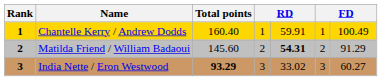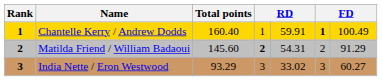 <table class="wikitable sortable">
 <tr>
 <th>Rank</th>
 <th>Name</th>
 <th>Total points</th>
 <th colspan="2" width="80px"><a href='#'>RD</a></th>
 <th colspan="2" width="80px"><a href='#'>FD</a></th>
 </tr>
 <tr bgcolor="gold">
 <td align="center"><strong>1</strong></td>
 <td><a href='#'>Chantelle Kerry</a> / <a href='#'>Andrew Dodds</a></td>
 <td align="center">160.40</td>
 <td align="center">1</td>
 <td align="center">59.91</td>
-<td align="center">1</td>
+<td align="center"><strong>1</strong></td>
 <td align="center">100.49</td>
 </tr>
 <tr bgcolor="silver">
 <td align="center"><strong>2</strong></td>
 <td><a href='#'>Matilda Friend</a> / <a href='#'>William Badaoui</a></td>
 <td align="center">145.60</td>
-<td align="center">2</td>
-<td align="center"><strong>54.31</strong></td>
+<td align="center"><strong>2</strong></td>
+<td align="center">54.31</td>
 <td align="center">2</td>
 <td align="center">91.29</td>
 </tr>
 <tr bgcolor="cc9966">
 <td align="center"><strong>3</strong></td>
 <td><a href='#'>India Nette</a> / <a href='#'>Eron Westwood</a></td>
-<td align="center"><strong>93.29</strong></td>
+<td align="center">93.29</td>
 <td align="center">3</td>
 <td align="center">33.02</td>
 <td align="center">3</td>
 <td align="center">60.27</td>
 </tr>
 </table>
